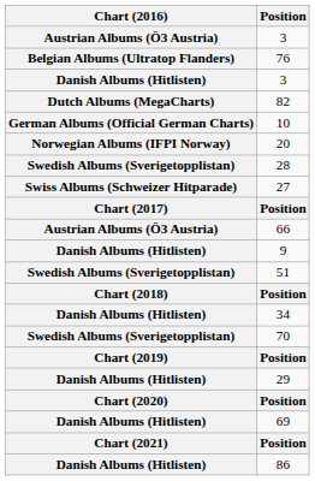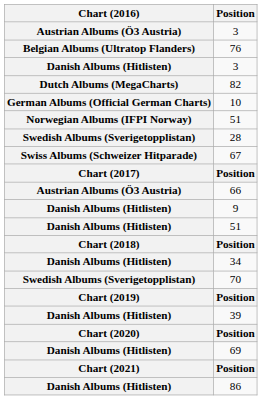 <table class="wikitable sortable plainrowheaders" style="text-align:center">
 <tr>
 <th scope="col">Chart (2016)</th>
 <th scope="col">Position</th>
 </tr>
 <tr>
 <th scope="row">Austrian Albums (Ö3 Austria)</th>
 <td>3</td>
 </tr>
 <tr>
 <th scope="row">Belgian Albums (Ultratop Flanders)</th>
 <td>76</td>
 </tr>
 <tr>
 <th scope="row">Danish Albums (Hitlisten)</th>
 <td>3</td>
 </tr>
 <tr>
 <th scope="row">Dutch Albums (MegaCharts)</th>
 <td>82</td>
 </tr>
 <tr>
 <th scope="row">German Albums (Official German Charts)</th>
 <td>10</td>
 </tr>
 <tr>
 <th scope="row">Norwegian Albums (IFPI Norway)</th>
-<td>20</td>
+<td>51</td>
 </tr>
 <tr>
 <th scope="row">Swedish Albums (Sverigetopplistan)</th>
 <td>28</td>
 </tr>
 <tr>
 <th scope="row">Swiss Albums (Schweizer Hitparade)</th>
-<td>27</td>
+<td>67</td>
 </tr>
 <tr>
 <th scope="col">Chart (2017)</th>
 <th scope="col">Position</th>
 </tr>
 <tr>
 <th scope="row">Austrian Albums (Ö3 Austria)</th>
 <td>66</td>
 </tr>
 <tr>
 <th scope="row">Danish Albums (Hitlisten)</th>
 <td>9</td>
 </tr>
 <tr>
-<th scope="row">Swedish Albums (Sverigetopplistan)</th>
+<th scope="row">Danish Albums (Hitlisten)</th>
 <td>51</td>
 </tr>
 <tr>
 <th scope="col">Chart (2018)</th>
 <th scope="col">Position</th>
 </tr>
 <tr>
 <th scope="row">Danish Albums (Hitlisten)</th>
 <td>34</td>
 </tr>
 <tr>
 <th scope="row">Swedish Albums (Sverigetopplistan)</th>
 <td>70</td>
 </tr>
 <tr>
 <th scope="col">Chart (2019)</th>
 <th scope="col">Position</th>
 </tr>
 <tr>
 <th scope="row">Danish Albums (Hitlisten)</th>
-<td>29</td>
+<td>39</td>
 </tr>
 <tr>
 <th scope="col">Chart (2020)</th>
 <th scope="col">Position</th>
 </tr>
 <tr>
 <th scope="row">Danish Albums (Hitlisten)</th>
 <td>69</td>
 </tr>
 <tr>
 <th scope="col">Chart (2021)</th>
 <th scope="col">Position</th>
 </tr>
 <tr>
 <th scope="row">Danish Albums (Hitlisten)</th>
 <td>86</td>
 </tr>
 </table>
